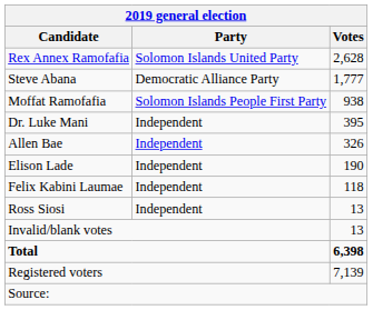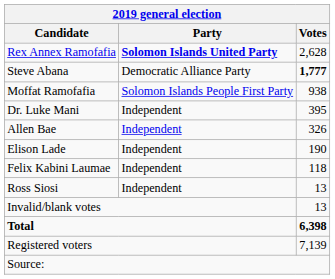 <table class=wikitable style=text-align:left>
 <tr>
 <th colspan=3><a href='#'>2019 general election</a></th>
 </tr>
 <tr>
 <th>Candidate</th>
 <th>Party</th>
 <th>Votes</th>
 </tr>
 <tr>
 <td><a href='#'>Rex Annex Ramofafia</a></td>
-<td><a href='#'>Solomon Islands United Party</a></td>
+<td><strong><a href='#'>Solomon Islands United Party</a></strong></td>
 <td align=right>2,628</td>
 </tr>
 <tr>
 <td>Steve Abana</td>
 <td>Democratic Alliance Party</td>
-<td align=right>1,777</td>
+<td align=right><strong>1,777</strong></td>
 </tr>
 <tr>
 <td>Moffat Ramofafia</td>
 <td><a href='#'>Solomon Islands People First Party</a></td>
 <td align=right>938</td>
 </tr>
 <tr>
 <td>Dr. Luke Mani</td>
 <td>Independent</td>
 <td align=right>395</td>
 </tr>
 <tr>
 <td>Allen Bae</td>
 <td><a href='#'>Independent</a></td>
 <td align=right>326</td>
 </tr>
 <tr>
 <td>Elison Lade</td>
 <td>Independent</td>
 <td align=right>190</td>
 </tr>
 <tr>
 <td>Felix Kabini Laumae</td>
 <td>Independent</td>
 <td align=right>118</td>
 </tr>
 <tr>
 <td>Ross Siosi</td>
 <td>Independent</td>
 <td align=right>13</td>
 </tr>
 <tr>
 <td colspan=2>Invalid/blank votes</td>
 <td align=right>13</td>
 </tr>
 <tr>
 <td colspan=2><strong>Total</strong></td>
 <td align=right><strong>6,398</strong></td>
 </tr>
 <tr>
 <td colspan=2>Registered voters</td>
 <td align=right>7,139</td>
 </tr>
 <tr>
 <td colspan=3>Source: </td>
 </tr>
 </table>
